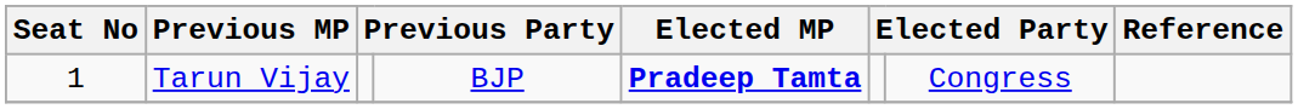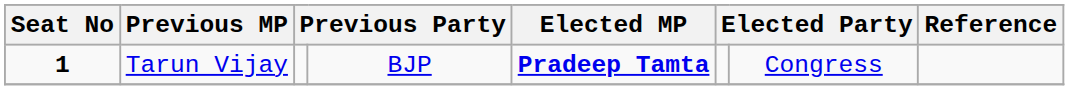 <table class="wikitable">
 <tr>
 <th>Seat No</th>
 <th>Previous MP</th>
 <th colspan=2>Previous Party</th>
 <th>Elected MP</th>
 <th colspan=2>Elected Party</th>
 <th>Reference</th>
 </tr>
 <tr style="text-align:center;">
-<td>1</td>
+<td><strong>1</strong></td>
 <td><a href='#'>Tarun Vijay</a></td>
 <td width="1px"></td>
 <td><a href='#'>BJP</a></td>
 <td><strong><a href='#'>Pradeep Tamta</a></strong></td>
 <td width="1px"></td>
 <td><a href='#'>Congress</a></td>
 <td rowspan=1></td>
 </tr>
 <tr>
 </tr>
 </table>
